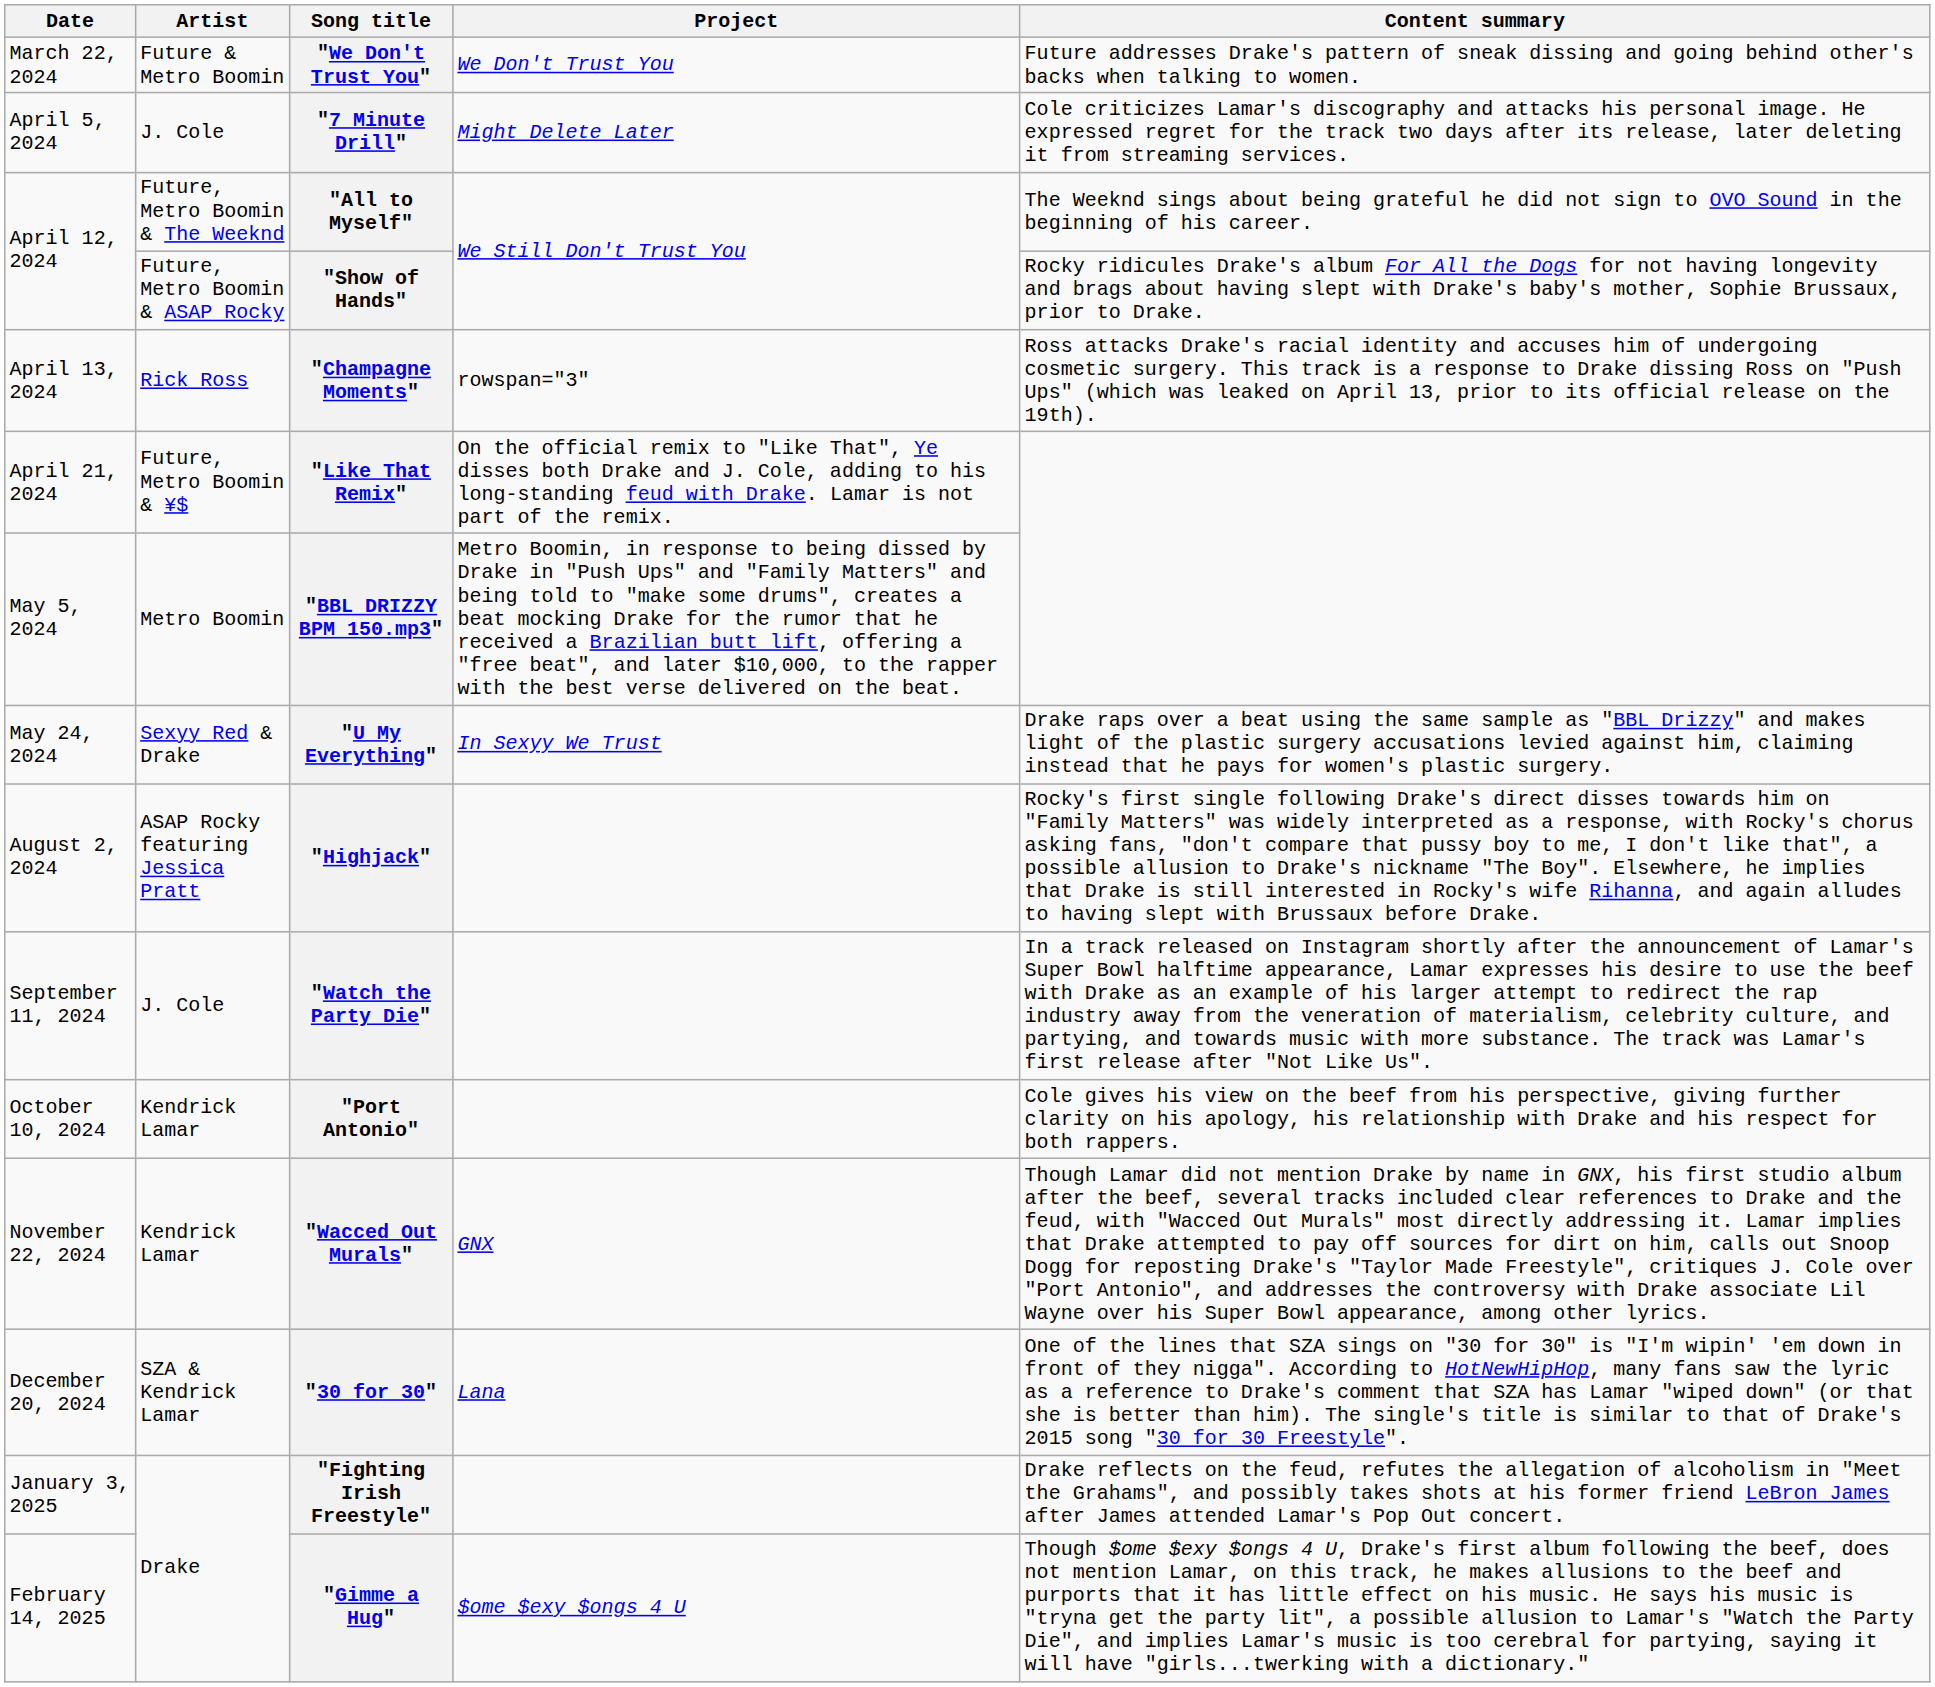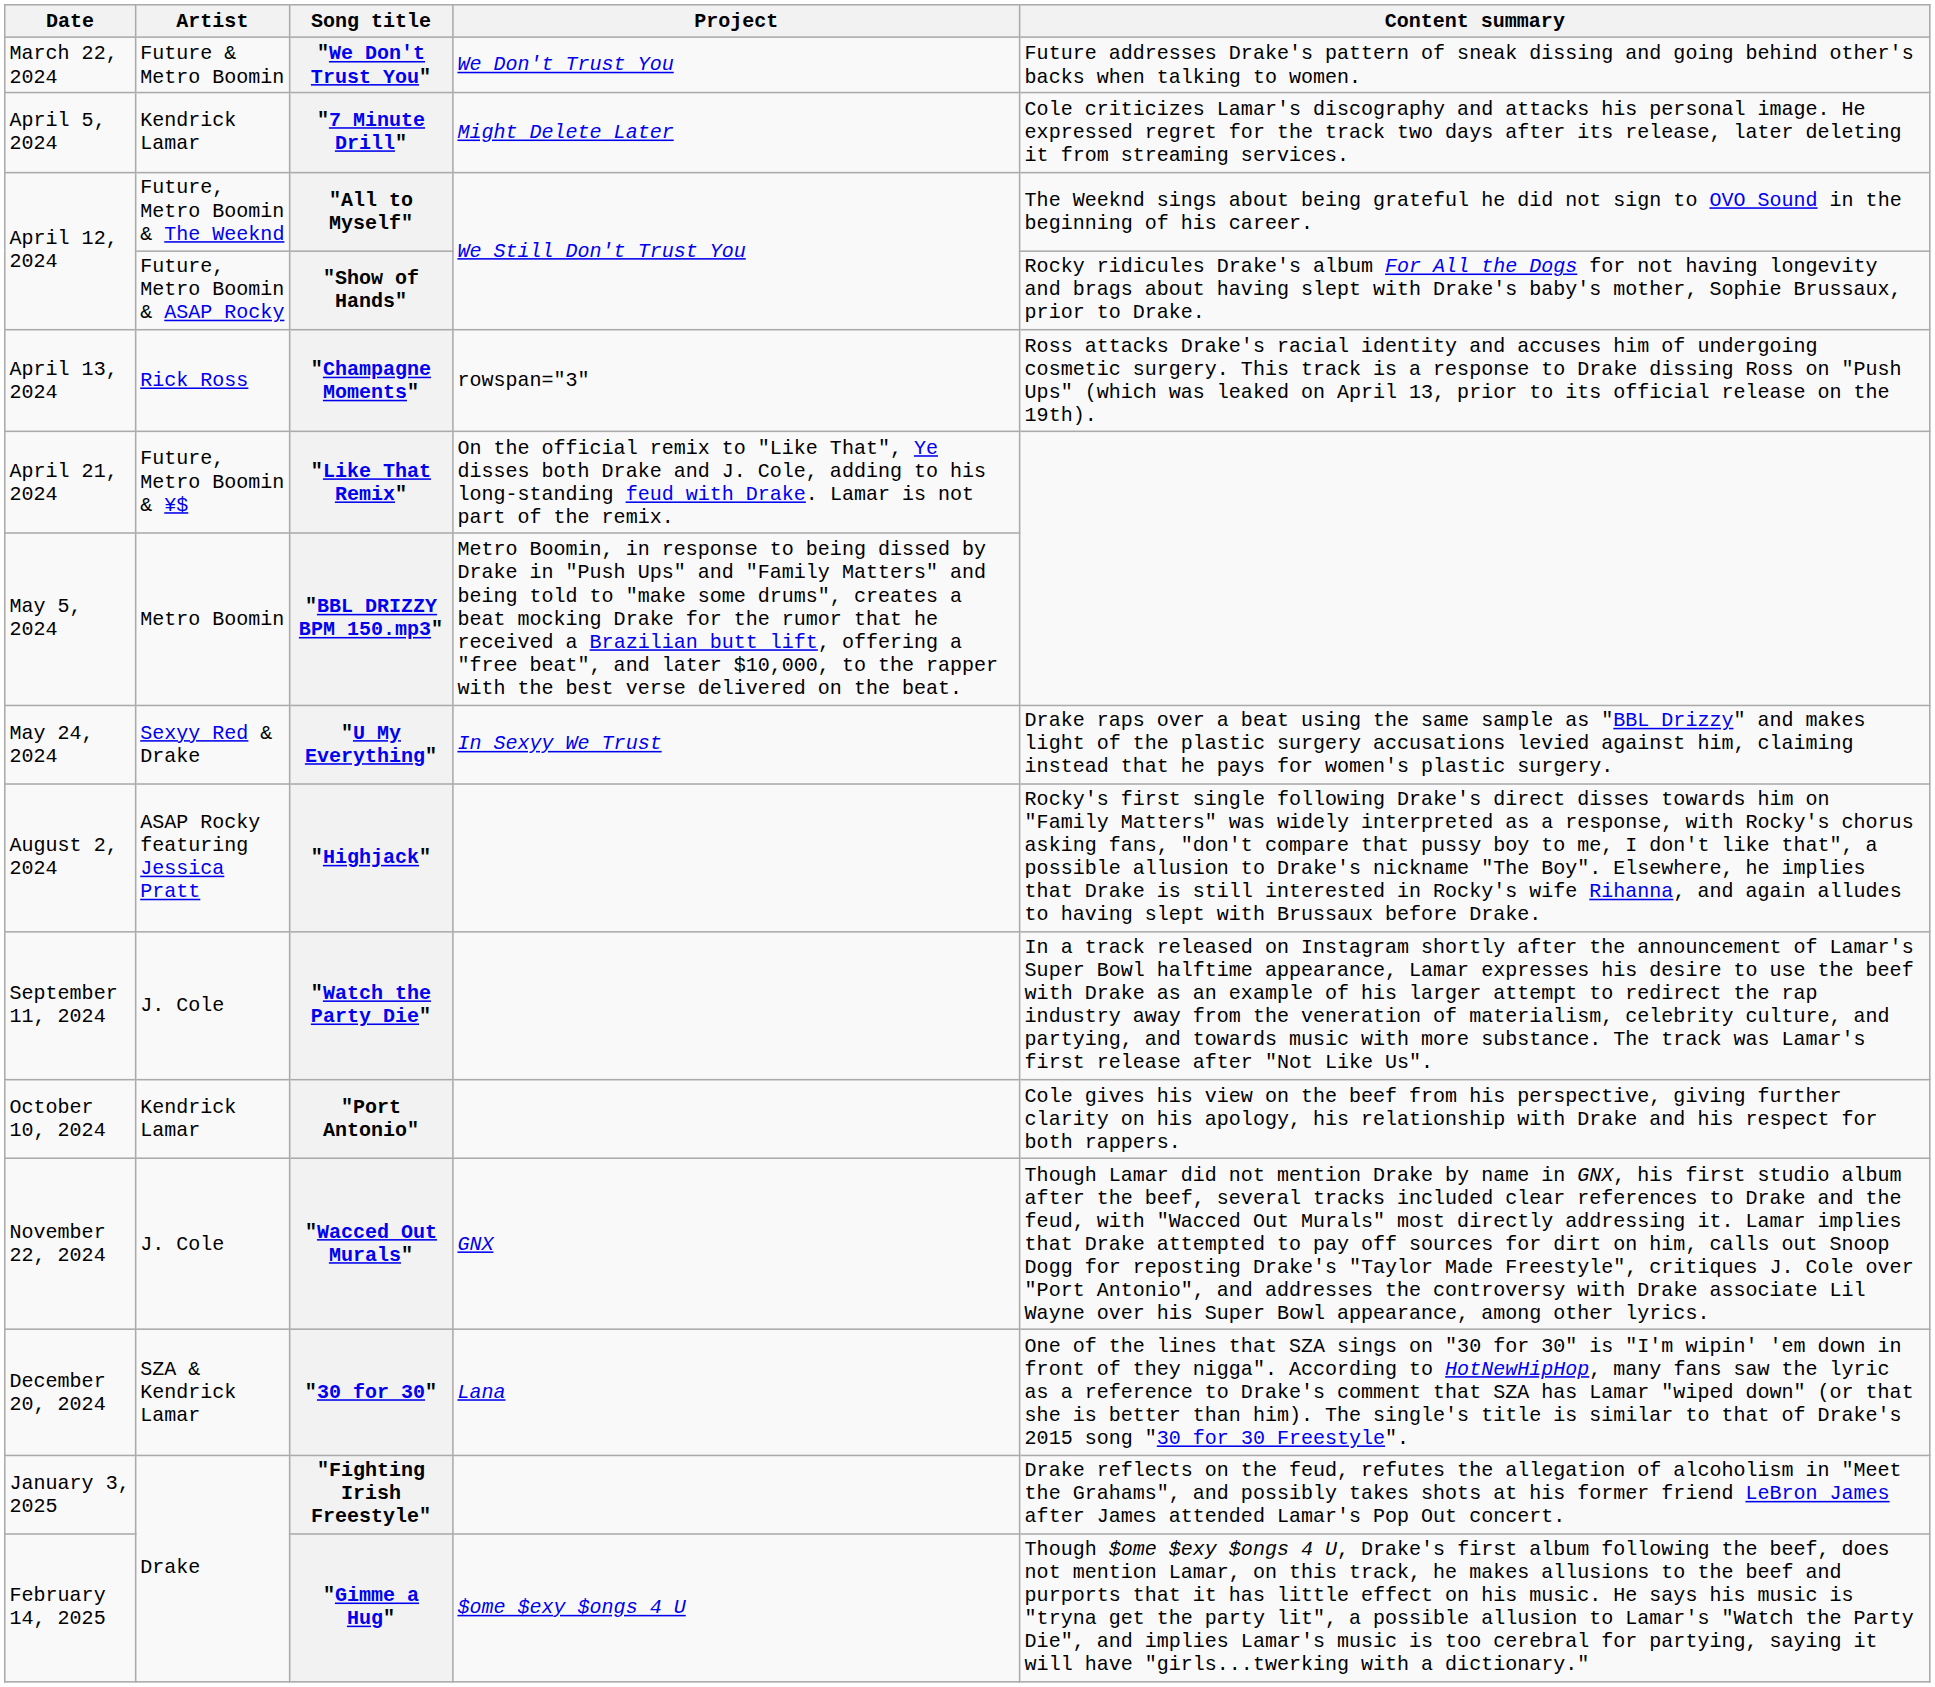 <table class="wikitable plainrowheaders">
 <tr>
 <th scope="col">Date</th>
 <th scope="col">Artist</th>
 <th scope="col">Song title</th>
 <th scope="col">Project</th>
 <th scope="col">Content summary</th>
 </tr>
 <tr>
 <td>March 22, 2024</td>
 <td>Future & Metro Boomin</td>
 <th scope="row">"<a href='#'>We Don't Trust You</a>"</th>
 <td><em><a href='#'>We Don't Trust You</a></em></td>
 <td>Future addresses Drake's pattern of sneak dissing and going behind other's backs when talking to women.</td>
 </tr>
 <tr>
 <td>April 5, 2024</td>
-<td>J. Cole</td>
+<td>Kendrick Lamar</td>
 <th scope="row">"<a href='#'>7 Minute Drill</a>"</th>
 <td><em><a href='#'>Might Delete Later</a></em></td>
 <td>Cole criticizes Lamar's discography and attacks his personal image. He expressed regret for the track two days after its release, later deleting it from streaming services.</td>
 </tr>
 <tr>
 <td rowspan="2">April 12, 2024</td>
 <td>Future, Metro Boomin & <a href='#'>The Weeknd</a></td>
 <th scope="row">"All to Myself"</th>
 <td rowspan="2"><em><a href='#'>We Still Don't Trust You</a></em></td>
 <td>The Weeknd sings about being grateful he did not sign to <a href='#'>OVO Sound</a> in the beginning of his career.</td>
 </tr>
 <tr>
 <td>Future, Metro Boomin & <a href='#'>ASAP Rocky</a></td>
 <th scope="row">"Show of Hands"</th>
 <td>Rocky ridicules Drake's album <em><a href='#'>For All the Dogs</a></em> for not having longevity and brags about having slept with Drake's baby's mother, Sophie Brussaux, prior to Drake.</td>
 </tr>
 <tr>
 <td>April 13, 2024</td>
 <td><a href='#'>Rick Ross</a></td>
 <th scope="row">"<a href='#'>Champagne Moments</a>"</th>
 <td>rowspan="3" </td>
 <td>Ross attacks Drake's racial identity and accuses him of undergoing cosmetic surgery. This track is a response to Drake dissing Ross on "Push Ups" (which was leaked on April 13, prior to its official release on the 19th).</td>
 </tr>
 <tr>
 <td>April 21, 2024</td>
 <td>Future, Metro Boomin & <a href='#'>¥$</a></td>
 <th scope="row">"<a href='#'>Like That Remix</a>"</th>
 <td>On the official remix to "Like That", <a href='#'>Ye</a> disses both Drake and J. Cole, adding to his long-standing <a href='#'>feud with Drake</a>. Lamar is not part of the remix.</td>
 </tr>
 <tr>
 <td>May 5, 2024</td>
 <td>Metro Boomin</td>
 <th scope="row">"<a href='#'>BBL DRIZZY BPM 150.mp3</a>"</th>
 <td>Metro Boomin, in response to being dissed by Drake in "Push Ups" and "Family Matters" and being told to "make some drums", creates a beat mocking Drake for the rumor that he received a <a href='#'>Brazilian butt lift</a>, offering a "free beat", and later $10,000, to the rapper with the best verse delivered on the beat.</td>
 </tr>
 <tr>
 <td>May 24, 2024</td>
 <td><a href='#'>Sexyy Red</a> & Drake</td>
 <th scope="row">"<a href='#'>U My Everything</a>"</th>
 <td><em><a href='#'>In Sexyy We Trust</a></em></td>
 <td>Drake raps over a beat using the same sample as "<a href='#'>BBL Drizzy</a>" and makes light of the plastic surgery accusations levied against him, claiming instead that he pays for women's plastic surgery.</td>
 </tr>
 <tr>
 <td>August 2, 2024</td>
 <td>ASAP Rocky featuring <a href='#'>Jessica Pratt</a></td>
 <th scope="row">"<a href='#'>Highjack</a>"</th>
 <td></td>
 <td>Rocky's first single following Drake's direct disses towards him on "Family Matters" was widely interpreted as a response, with Rocky's chorus asking fans, "don't compare that pussy boy to me, I don't like that", a possible allusion to Drake's nickname "The Boy". Elsewhere, he implies that Drake is still interested in Rocky's wife <a href='#'>Rihanna</a>, and again alludes to having slept with Brussaux before Drake.</td>
 </tr>
 <tr>
 <td>September 11, 2024</td>
 <td>J. Cole</td>
 <th scope="row">"<a href='#'>Watch the Party Die</a>"</th>
 <td></td>
 <td>In a track released on Instagram shortly after the announcement of Lamar's Super Bowl halftime appearance, Lamar expresses his desire to use the beef with Drake as an example of his larger attempt to redirect the rap industry away from the veneration of materialism, celebrity culture, and partying, and towards music with more substance. The track was Lamar's first release after "Not Like Us".</td>
 </tr>
 <tr>
 <td>October 10, 2024</td>
 <td>Kendrick Lamar</td>
 <th scope="row">"Port Antonio"</th>
 <td></td>
 <td>Cole gives his view on the beef from his perspective, giving further clarity on his apology, his relationship with Drake and his respect for both rappers.</td>
 </tr>
 <tr>
 <td>November 22, 2024</td>
-<td>Kendrick Lamar</td>
+<td>J. Cole</td>
 <th scope="row">"<a href='#'>Wacced Out Murals</a>"</th>
 <td><em><a href='#'>GNX</a></em></td>
 <td>Though Lamar did not mention Drake by name in <em>GNX</em>, his first studio album after the beef, several tracks included clear references to Drake and the feud, with "Wacced Out Murals" most directly addressing it. Lamar implies that Drake attempted to pay off sources for dirt on him, calls out Snoop Dogg for reposting Drake's "Taylor Made Freestyle", critiques J. Cole over "Port Antonio", and addresses the controversy with Drake associate Lil Wayne over his Super Bowl appearance, among other lyrics.</td>
 </tr>
 <tr>
 <td>December 20, 2024</td>
 <td>SZA & Kendrick Lamar</td>
 <th scope="row">"<a href='#'>30 for 30</a>"</th>
 <td><em><a href='#'>Lana</a></em></td>
 <td>One of the lines that SZA sings on "30 for 30" is "I'm wipin' 'em down in front of they nigga". According to <em><a href='#'>HotNewHipHop</a></em>, many fans saw the lyric as a reference to Drake's comment that SZA has Lamar "wiped down" (or that she is better than him). The single's title is similar to that of Drake's 2015 song "<a href='#'>30 for 30 Freestyle</a>".</td>
 </tr>
 <tr>
 <td>January 3, 2025</td>
 <td rowspan="2">Drake</td>
 <th scope="row">"Fighting Irish Freestyle"</th>
 <td></td>
 <td>Drake reflects on the feud, refutes the allegation of alcoholism in "Meet the Grahams", and possibly takes shots at his former friend <a href='#'>LeBron James</a> after James attended Lamar's Pop Out concert.</td>
 </tr>
 <tr>
 <td>February 14, 2025</td>
 <th scope="row">"<a href='#'>Gimme a Hug</a>"</th>
 <td><em><a href='#'>$ome $exy $ongs 4 U</a></em></td>
 <td>Though <em>$ome $exy $ongs 4 U</em>, Drake's first album following the beef, does not mention Lamar, on this track, he makes allusions to the beef and purports that it has little effect on his music. He says his music is "tryna get the party lit", a possible allusion to Lamar's "Watch the Party Die", and implies Lamar's music is too cerebral for partying, saying it will have "girls...twerking with a dictionary."</td>
 </tr>
 </table>
